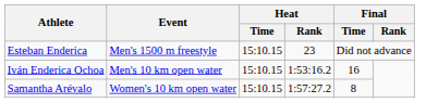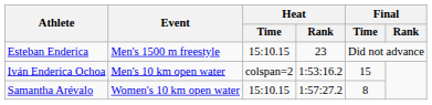 <table class=wikitable style="font-size:90%">
 <tr>
 <th rowspan="2">Athlete</th>
 <th rowspan="2">Event</th>
 <th colspan="2">Heat</th>
 <th colspan="2">Final</th>
 </tr>
 <tr style="font-size:95%">
 <th>Time</th>
 <th>Rank</th>
 <th>Time</th>
 <th>Rank</th>
 </tr>
 <tr align=center>
 <td align=left><a href='#'>Esteban Enderica</a></td>
 <td align=left><a href='#'>Men's 1500 m freestyle</a></td>
 <td>15:10.15</td>
 <td>23</td>
 <td colspan=2>Did not advance</td>
 </tr>
 <tr align=center>
 <td align=left><a href='#'>Iván Enderica Ochoa</a></td>
 <td align=left><a href='#'>Men's 10 km open water</a></td>
-<td>15:10.15</td>
+<td>colspan=2 </td>
 <td>1:53:16.2</td>
-<td>16</td>
+<td>15</td>
 </tr>
 <tr align=center>
 <td align=left rowspan=2><a href='#'>Samantha Arévalo</a></td>
 <td align=left><a href='#'>Women's 10 km open water</a></td>
 <td>15:10.15</td>
 <td>1:57:27.2</td>
 <td>8</td>
 </tr>
 </table>
